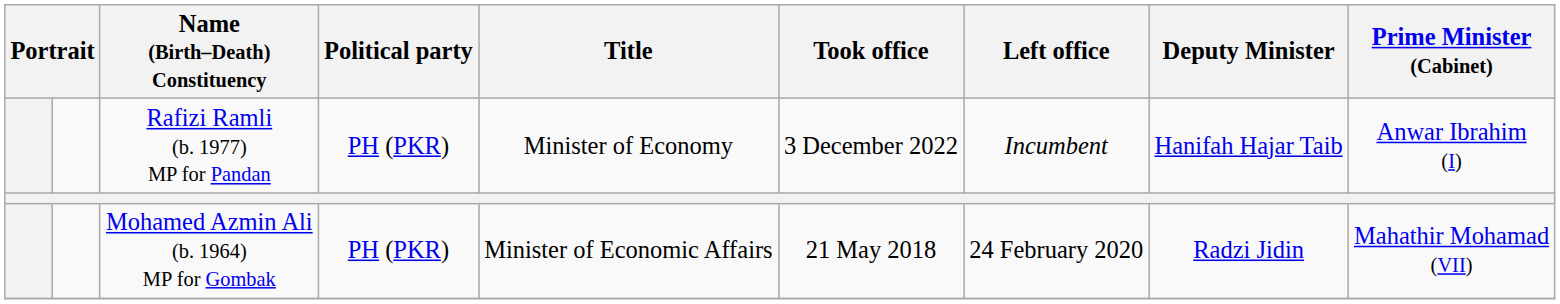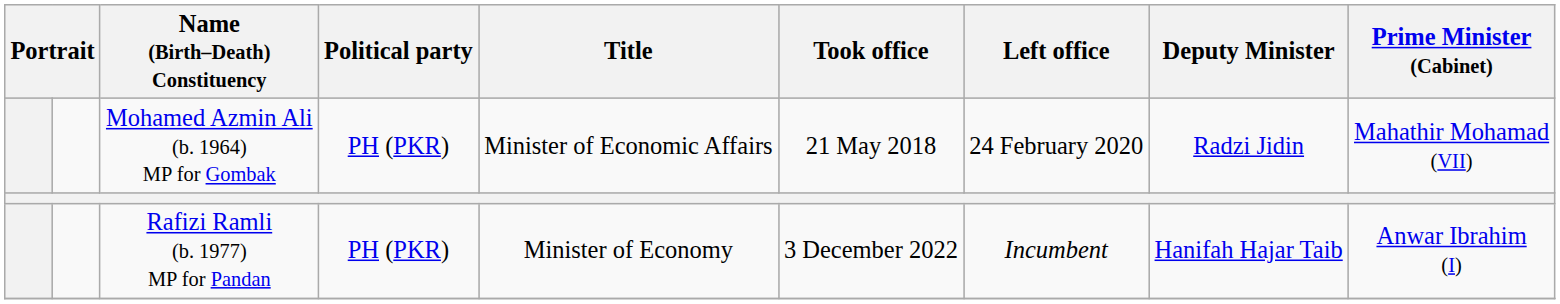 <table class="wikitable" style="text-align:center;">
 <tr>
 <th colspan=2>Portrait</th>
 <th>Name<br><small>(Birth–Death)<br>Constituency</small></th>
 <th>Political party</th>
 <th>Title</th>
 <th>Took office</th>
 <th>Left office</th>
 <th>Deputy Minister</th>
 <th><a href='#'>Prime Minister</a><br><small>(Cabinet)</small></th>
 </tr>
 <tr>
 <th style="background:"></th>
 <td></td>
+<td><a href='#'>Mohamed Azmin Ali</a><br><small>(b. 1964)<br>MP for <a href='#'>Gombak</a></small></td>
+<td><a href='#'>PH</a> (<a href='#'>PKR</a>)</td>
+<td>Minister of Economic Affairs</td>
+<td>21 May 2018</td>
+<td>24 February 2020</td>
+<td><a href='#'>Radzi Jidin</a></td>
+<td><a href='#'>Mahathir Mohamad</a><br><small>(<a href='#'>VII</a>)</small></td>
+</tr>
+<tr>
+<th colspan="9" bgcolor="cccccc"></th>
+</tr>
+<tr>
+<th style="background:"></th>
+<td></td>
 <td><a href='#'>Rafizi Ramli</a><br><small>(b. 1977)<br>MP for <a href='#'>Pandan</a></small></td>
 <td><a href='#'>PH</a> (<a href='#'>PKR</a>)</td>
 <td>Minister of Economy</td>
 <td>3 December 2022</td>
 <td><em>Incumbent</em></td>
 <td><a href='#'>Hanifah Hajar Taib</a></td>
 <td><a href='#'>Anwar Ibrahim</a><br><small>(<a href='#'>I</a>)</small></td>
 </tr>
 <tr>
-<th colspan="9" bgcolor="cccccc"></th>
-</tr>
-<tr>
-<th style="background:"></th>
-<td></td>
-<td><a href='#'>Mohamed Azmin Ali</a><br><small>(b. 1964)<br>MP for <a href='#'>Gombak</a></small></td>
-<td><a href='#'>PH</a> (<a href='#'>PKR</a>)</td>
-<td>Minister of Economic Affairs</td>
-<td>21 May 2018</td>
-<td>24 February 2020</td>
-<td><a href='#'>Radzi Jidin</a></td>
-<td><a href='#'>Mahathir Mohamad</a><br><small>(<a href='#'>VII</a>)</small></td>
-</tr>
-<tr>
 </tr>
 </table>
